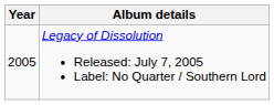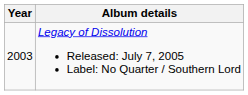 <table class="wikitable">
 <tr>
 <th>Year</th>
 <th>Album details</th>
 </tr>
 <tr>
-<td>2005</td>
+<td>2003</td>
 <td><em><a href='#'>Legacy of Dissolution</a></em><br><ul><li>Released: July 7, 2005</li><li>Label: No Quarter / Southern Lord</li></ul></td>
 </tr>
 </table>
